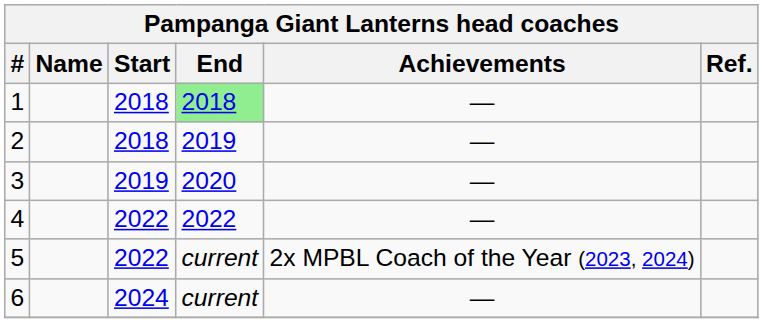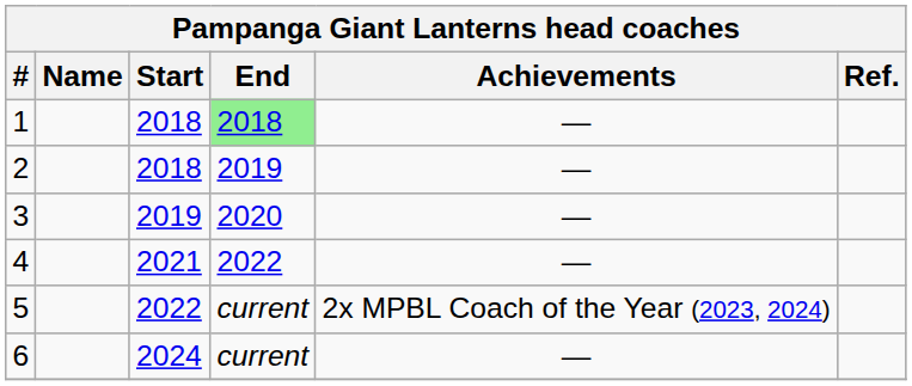 <table class="wikitable sortable">
 <tr>
 <th colspan="6">Pampanga Giant Lanterns head coaches</th>
 </tr>
 <tr>
 <th>#</th>
 <th>Name</th>
 <th>Start</th>
 <th>End</th>
 <th>Achievements</th>
 <th>Ref.</th>
 </tr>
 <tr>
 <td align=center>1</td>
 <td></td>
 <td><a href='#'>2018</a></td>
 <td style="background: lightgreen;"><a href='#'>2018</a></td>
 <td align=center>—</td>
 <td></td>
 </tr>
 <tr>
 <td align=center>2</td>
 <td></td>
 <td><a href='#'>2018</a></td>
 <td><a href='#'>2019</a></td>
 <td align=center>—</td>
 <td></td>
 </tr>
 <tr>
 <td align=center>3</td>
 <td></td>
 <td><a href='#'>2019</a></td>
 <td><a href='#'>2020</a></td>
 <td align=center>—</td>
 <td></td>
 </tr>
 <tr>
 <td align=center>4</td>
 <td></td>
-<td><a href='#'>2022</a></td>
+<td><a href='#'>2021</a></td>
 <td><a href='#'>2022</a></td>
 <td align=center>—</td>
 <td></td>
 </tr>
 <tr>
 <td align=center>5</td>
 <td></td>
 <td><a href='#'>2022</a></td>
 <td><em>current</em></td>
 <td>2x MPBL Coach of the Year <small>(<a href='#'>2023</a>, <a href='#'>2024</a>)</small></td>
 <td></td>
 </tr>
 <tr>
 <td align=center>6</td>
 <td></td>
 <td><a href='#'>2024</a></td>
 <td><em>current</em></td>
 <td align=center>—</td>
 <td></td>
 </tr>
 <tr>
 </tr>
 </table>
